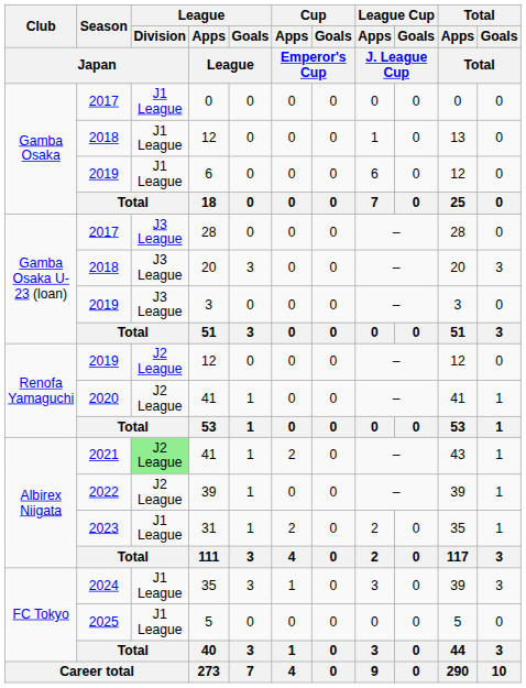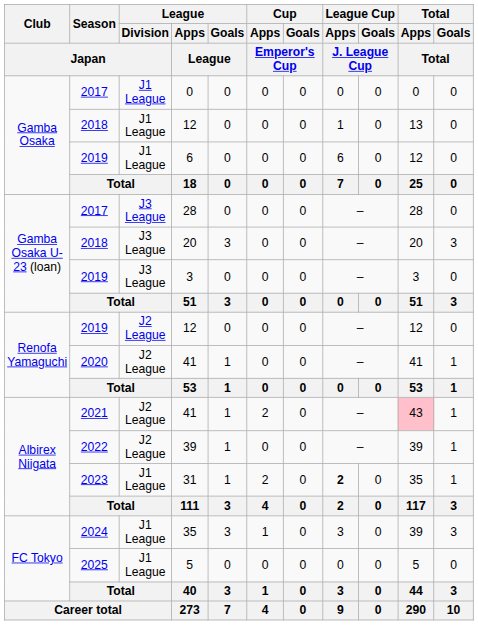 <table class="wikitable" style="text-align:center;">
 <tr>
 <th rowspan=2>Club</th>
 <th rowspan=2>Season</th>
 <th colspan=3>League</th>
 <th colspan=2>Cup</th>
 <th colspan=2>League Cup</th>
 <th colspan=2>Total</th>
 </tr>
 <tr>
 <th>Division</th>
 <th>Apps</th>
 <th>Goals</th>
 <th>Apps</th>
 <th>Goals</th>
 <th>Apps</th>
 <th>Goals</th>
 <th>Apps</th>
 <th>Goals</th>
 </tr>
 <tr>
 <th colspan=3>Japan</th>
 <th colspan=2>League</th>
 <th colspan=2><a href='#'>Emperor's Cup</a></th>
 <th colspan=2><a href='#'>J. League Cup</a></th>
 <th colspan=2>Total</th>
 </tr>
 <tr>
 <td rowspan="4"><a href='#'>Gamba Osaka</a></td>
 <td><a href='#'>2017</a></td>
 <td><a href='#'>J1 League</a></td>
 <td>0</td>
 <td>0</td>
 <td>0</td>
 <td>0</td>
 <td>0</td>
 <td>0</td>
 <td>0</td>
 <td>0</td>
 </tr>
 <tr>
 <td><a href='#'>2018</a></td>
 <td>J1 League</td>
 <td>12</td>
 <td>0</td>
 <td>0</td>
 <td>0</td>
 <td>1</td>
 <td>0</td>
 <td>13</td>
 <td>0</td>
 </tr>
 <tr>
 <td><a href='#'>2019</a></td>
 <td>J1 League</td>
 <td>6</td>
 <td>0</td>
 <td>0</td>
 <td>0</td>
 <td>6</td>
 <td>0</td>
 <td>12</td>
 <td>0</td>
 </tr>
 <tr>
 <th colspan="2">Total</th>
 <th>18</th>
 <th>0</th>
 <th>0</th>
 <th>0</th>
 <th>7</th>
 <th>0</th>
 <th>25</th>
 <th>0</th>
 </tr>
 <tr>
 <td rowspan="4"><a href='#'>Gamba Osaka U-23</a> (loan)</td>
 <td><a href='#'>2017</a></td>
 <td><a href='#'>J3 League</a></td>
 <td>28</td>
 <td>0</td>
 <td>0</td>
 <td>0</td>
 <td colspan="2">–</td>
 <td>28</td>
 <td>0</td>
 </tr>
 <tr>
 <td><a href='#'>2018</a></td>
 <td>J3 League</td>
 <td>20</td>
 <td>3</td>
 <td>0</td>
 <td>0</td>
 <td colspan="2">–</td>
 <td>20</td>
 <td>3</td>
 </tr>
 <tr>
 <td><a href='#'>2019</a></td>
 <td>J3 League</td>
 <td>3</td>
 <td>0</td>
 <td>0</td>
 <td>0</td>
 <td colspan="2">–</td>
 <td>3</td>
 <td>0</td>
 </tr>
 <tr>
 <th colspan="2">Total</th>
 <th>51</th>
 <th>3</th>
 <th>0</th>
 <th>0</th>
 <th>0</th>
 <th>0</th>
 <th>51</th>
 <th>3</th>
 </tr>
 <tr>
 <td rowspan="3"><a href='#'>Renofa Yamaguchi</a></td>
 <td><a href='#'>2019</a></td>
 <td><a href='#'>J2 League</a></td>
 <td>12</td>
 <td>0</td>
 <td>0</td>
 <td>0</td>
 <td colspan="2">–</td>
 <td>12</td>
 <td>0</td>
 </tr>
 <tr>
 <td><a href='#'>2020</a></td>
 <td>J2 League</td>
 <td>41</td>
 <td>1</td>
 <td>0</td>
 <td>0</td>
 <td colspan="2">–</td>
 <td>41</td>
 <td>1</td>
 </tr>
 <tr>
 <th colspan="2">Total</th>
 <th>53</th>
 <th>1</th>
 <th>0</th>
 <th>0</th>
 <th>0</th>
 <th>0</th>
 <th>53</th>
 <th>1</th>
 </tr>
 <tr>
 <td rowspan="4"><a href='#'>Albirex Niigata</a></td>
 <td><a href='#'>2021</a></td>
-<td style="background: lightgreen;">J2 League</td>
+<td>J2 League</td>
 <td>41</td>
 <td>1</td>
 <td>2</td>
 <td>0</td>
 <td colspan="2">–</td>
-<td>43</td>
+<td style="background: pink;">43</td>
 <td>1</td>
 </tr>
 <tr>
 <td><a href='#'>2022</a></td>
 <td>J2 League</td>
 <td>39</td>
 <td>1</td>
 <td>0</td>
 <td>0</td>
 <td colspan="2">–</td>
 <td>39</td>
 <td>1</td>
 </tr>
 <tr>
 <td><a href='#'>2023</a></td>
 <td>J1 League</td>
 <td>31</td>
 <td>1</td>
 <td>2</td>
 <td>0</td>
-<td>2</td>
+<td><strong>2</strong></td>
 <td>0</td>
 <td>35</td>
 <td>1</td>
 </tr>
 <tr>
 <th colspan="2">Total</th>
 <th>111</th>
 <th>3</th>
 <th>4</th>
 <th>0</th>
 <th>2</th>
 <th>0</th>
 <th>117</th>
 <th>3</th>
 </tr>
 <tr>
 <td rowspan="3"><a href='#'>FC Tokyo</a></td>
 <td><a href='#'>2024</a></td>
 <td>J1 League</td>
 <td>35</td>
 <td>3</td>
 <td>1</td>
 <td>0</td>
 <td>3</td>
 <td>0</td>
 <td>39</td>
 <td>3</td>
 </tr>
 <tr>
 <td><a href='#'>2025</a></td>
 <td>J1 League</td>
 <td>5</td>
 <td>0</td>
 <td>0</td>
 <td>0</td>
 <td>0</td>
 <td>0</td>
 <td>5</td>
 <td>0</td>
 </tr>
 <tr>
 <th colspan="2">Total</th>
 <th>40</th>
 <th>3</th>
 <th>1</th>
 <th>0</th>
 <th>3</th>
 <th>0</th>
 <th>44</th>
 <th>3</th>
 </tr>
 <tr>
 <th colspan="3">Career total</th>
 <th>273</th>
 <th>7</th>
 <th>4</th>
 <th>0</th>
 <th>9</th>
 <th>0</th>
 <th>290</th>
 <th>10</th>
 </tr>
 </table>
